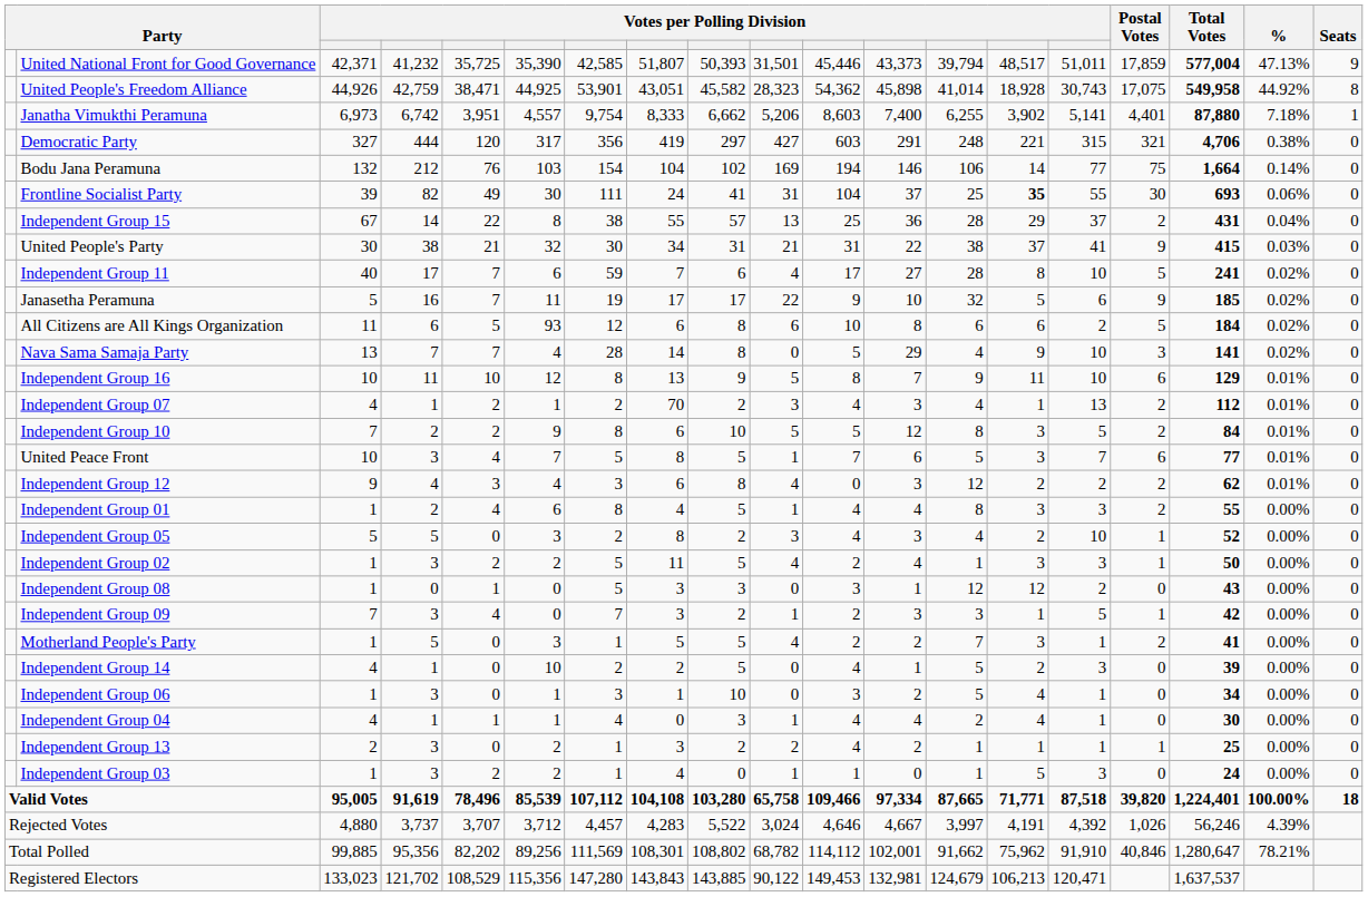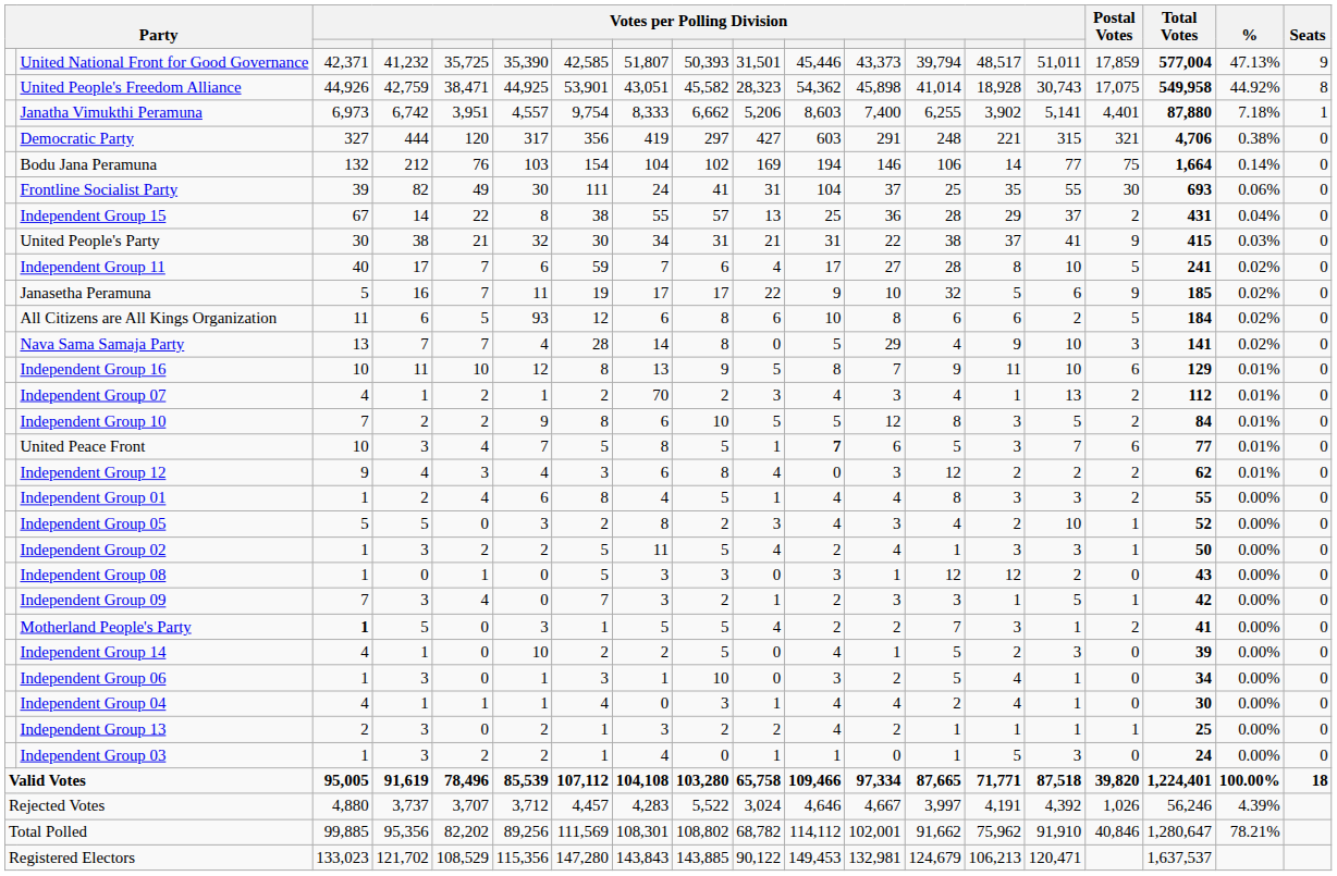 <table class="wikitable" border="1" style="text-align:right;">
 <tr>
 <th align=left valign=bottom rowspan=2 colspan=2>Party</th>
 <th colspan=13>Votes per Polling Division</th>
 <th align=center valign=bottom rowspan=2 width="50">Postal<br>Votes</th>
 <th align=center valign=bottom rowspan=2 width="50">Total Votes</th>
 <th align=center valign=bottom rowspan=2 width="50">%</th>
 <th align=center valign=bottom rowspan=2 width="40">Seats</th>
 </tr>
 <tr>
 <th></th>
 <th></th>
 <th></th>
 <th></th>
 <th></th>
 <th></th>
 <th></th>
 <th></th>
 <th></th>
 <th></th>
 <th></th>
 <th></th>
 <th></th>
 </tr>
 <tr>
 <td bgcolor=> </td>
 <td align=left><a href='#'>United National Front for Good Governance</a></td>
 <td>42,371</td>
 <td>41,232</td>
 <td>35,725</td>
 <td>35,390</td>
 <td>42,585</td>
 <td>51,807</td>
 <td>50,393</td>
 <td>31,501</td>
 <td>45,446</td>
 <td>43,373</td>
 <td>39,794</td>
 <td>48,517</td>
 <td>51,011</td>
 <td>17,859</td>
 <td><strong>577,004</strong></td>
 <td>47.13%</td>
 <td>9</td>
 </tr>
 <tr>
 <td bgcolor=> </td>
 <td align=left><a href='#'>United People's Freedom Alliance</a></td>
 <td>44,926</td>
 <td>42,759</td>
 <td>38,471</td>
 <td>44,925</td>
 <td>53,901</td>
 <td>43,051</td>
 <td>45,582</td>
 <td>28,323</td>
 <td>54,362</td>
 <td>45,898</td>
 <td>41,014</td>
 <td>18,928</td>
 <td>30,743</td>
 <td>17,075</td>
 <td><strong>549,958</strong></td>
 <td>44.92%</td>
 <td>8</td>
 </tr>
 <tr>
 <td bgcolor=> </td>
 <td align=left><a href='#'>Janatha Vimukthi Peramuna</a></td>
 <td>6,973</td>
 <td>6,742</td>
 <td>3,951</td>
 <td>4,557</td>
 <td>9,754</td>
 <td>8,333</td>
 <td>6,662</td>
 <td>5,206</td>
 <td>8,603</td>
 <td>7,400</td>
 <td>6,255</td>
 <td>3,902</td>
 <td>5,141</td>
 <td>4,401</td>
 <td><strong>87,880</strong></td>
 <td>7.18%</td>
 <td>1</td>
 </tr>
 <tr>
 <td bgcolor=> </td>
 <td align=left><a href='#'>Democratic Party</a></td>
 <td>327</td>
 <td>444</td>
 <td>120</td>
 <td>317</td>
 <td>356</td>
 <td>419</td>
 <td>297</td>
 <td>427</td>
 <td>603</td>
 <td>291</td>
 <td>248</td>
 <td>221</td>
 <td>315</td>
 <td>321</td>
 <td><strong>4,706</strong></td>
 <td>0.38%</td>
 <td>0</td>
 </tr>
 <tr>
 <td bgcolor=> </td>
 <td align=left>Bodu Jana Peramuna</td>
 <td>132</td>
 <td>212</td>
 <td>76</td>
 <td>103</td>
 <td>154</td>
 <td>104</td>
 <td>102</td>
 <td>169</td>
 <td>194</td>
 <td>146</td>
 <td>106</td>
 <td>14</td>
 <td>77</td>
 <td>75</td>
 <td><strong>1,664</strong></td>
 <td>0.14%</td>
 <td>0</td>
 </tr>
 <tr>
 <td bgcolor=> </td>
 <td align=left><a href='#'>Frontline Socialist Party</a></td>
 <td>39</td>
 <td>82</td>
 <td>49</td>
 <td>30</td>
 <td>111</td>
 <td>24</td>
 <td>41</td>
 <td>31</td>
 <td>104</td>
 <td>37</td>
 <td>25</td>
-<td><strong>35</strong></td>
+<td>35</td>
 <td>55</td>
 <td>30</td>
 <td><strong>693</strong></td>
 <td>0.06%</td>
 <td>0</td>
 </tr>
 <tr>
 <td bgcolor=> </td>
 <td align=left><a href='#'>Independent Group 15</a></td>
 <td>67</td>
 <td>14</td>
 <td>22</td>
 <td>8</td>
 <td>38</td>
 <td>55</td>
 <td>57</td>
 <td>13</td>
 <td>25</td>
 <td>36</td>
 <td>28</td>
 <td>29</td>
 <td>37</td>
 <td>2</td>
 <td><strong>431</strong></td>
 <td>0.04%</td>
 <td>0</td>
 </tr>
 <tr>
 <td bgcolor=> </td>
 <td align=left>United People's Party</td>
 <td>30</td>
 <td>38</td>
 <td>21</td>
 <td>32</td>
 <td>30</td>
 <td>34</td>
 <td>31</td>
 <td>21</td>
 <td>31</td>
 <td>22</td>
 <td>38</td>
 <td>37</td>
 <td>41</td>
 <td>9</td>
 <td><strong>415</strong></td>
 <td>0.03%</td>
 <td>0</td>
 </tr>
 <tr>
 <td bgcolor=> </td>
 <td align=left><a href='#'>Independent Group 11</a></td>
 <td>40</td>
 <td>17</td>
 <td>7</td>
 <td>6</td>
 <td>59</td>
 <td>7</td>
 <td>6</td>
 <td>4</td>
 <td>17</td>
 <td>27</td>
 <td>28</td>
 <td>8</td>
 <td>10</td>
 <td>5</td>
 <td><strong>241</strong></td>
 <td>0.02%</td>
 <td>0</td>
 </tr>
 <tr>
 <td bgcolor=> </td>
 <td align=left>Janasetha Peramuna</td>
 <td>5</td>
 <td>16</td>
 <td>7</td>
 <td>11</td>
 <td>19</td>
 <td>17</td>
 <td>17</td>
 <td>22</td>
 <td>9</td>
 <td>10</td>
 <td>32</td>
 <td>5</td>
 <td>6</td>
 <td>9</td>
 <td><strong>185</strong></td>
 <td>0.02%</td>
 <td>0</td>
 </tr>
 <tr>
 <td bgcolor=> </td>
 <td align=left>All Citizens are All Kings Organization</td>
 <td>11</td>
 <td>6</td>
 <td>5</td>
 <td>93</td>
 <td>12</td>
 <td>6</td>
 <td>8</td>
 <td>6</td>
 <td>10</td>
 <td>8</td>
 <td>6</td>
 <td>6</td>
 <td>2</td>
 <td>5</td>
 <td><strong>184</strong></td>
 <td>0.02%</td>
 <td>0</td>
 </tr>
 <tr>
 <td bgcolor=> </td>
 <td align=left><a href='#'>Nava Sama Samaja Party</a></td>
 <td>13</td>
 <td>7</td>
 <td>7</td>
 <td>4</td>
 <td>28</td>
 <td>14</td>
 <td>8</td>
 <td>0</td>
 <td>5</td>
 <td>29</td>
 <td>4</td>
 <td>9</td>
 <td>10</td>
 <td>3</td>
 <td><strong>141</strong></td>
 <td>0.02%</td>
 <td>0</td>
 </tr>
 <tr>
 <td bgcolor=> </td>
 <td align=left><a href='#'>Independent Group 16</a></td>
 <td>10</td>
 <td>11</td>
 <td>10</td>
 <td>12</td>
 <td>8</td>
 <td>13</td>
 <td>9</td>
 <td>5</td>
 <td>8</td>
 <td>7</td>
 <td>9</td>
 <td>11</td>
 <td>10</td>
 <td>6</td>
 <td><strong>129</strong></td>
 <td>0.01%</td>
 <td>0</td>
 </tr>
 <tr>
 <td bgcolor=> </td>
 <td align=left><a href='#'>Independent Group 07</a></td>
 <td>4</td>
 <td>1</td>
 <td>2</td>
 <td>1</td>
 <td>2</td>
 <td>70</td>
 <td>2</td>
 <td>3</td>
 <td>4</td>
 <td>3</td>
 <td>4</td>
 <td>1</td>
 <td>13</td>
 <td>2</td>
 <td><strong>112</strong></td>
 <td>0.01%</td>
 <td>0</td>
 </tr>
 <tr>
 <td bgcolor=> </td>
 <td align=left><a href='#'>Independent Group 10</a></td>
 <td>7</td>
 <td>2</td>
 <td>2</td>
 <td>9</td>
 <td>8</td>
 <td>6</td>
 <td>10</td>
 <td>5</td>
 <td>5</td>
 <td>12</td>
 <td>8</td>
 <td>3</td>
 <td>5</td>
 <td>2</td>
 <td><strong>84</strong></td>
 <td>0.01%</td>
 <td>0</td>
 </tr>
 <tr>
 <td bgcolor=> </td>
 <td align=left>United Peace Front</td>
 <td>10</td>
 <td>3</td>
 <td>4</td>
 <td>7</td>
 <td>5</td>
 <td>8</td>
 <td>5</td>
 <td>1</td>
-<td>7</td>
+<td><strong>7</strong></td>
 <td>6</td>
 <td>5</td>
 <td>3</td>
 <td>7</td>
 <td>6</td>
 <td><strong>77</strong></td>
 <td>0.01%</td>
 <td>0</td>
 </tr>
 <tr>
 <td bgcolor=> </td>
 <td align=left><a href='#'>Independent Group 12</a></td>
 <td>9</td>
 <td>4</td>
 <td>3</td>
 <td>4</td>
 <td>3</td>
 <td>6</td>
 <td>8</td>
 <td>4</td>
 <td>0</td>
 <td>3</td>
 <td>12</td>
 <td>2</td>
 <td>2</td>
 <td>2</td>
 <td><strong>62</strong></td>
 <td>0.01%</td>
 <td>0</td>
 </tr>
 <tr>
 <td bgcolor=> </td>
 <td align=left><a href='#'>Independent Group 01</a></td>
 <td>1</td>
 <td>2</td>
 <td>4</td>
 <td>6</td>
 <td>8</td>
 <td>4</td>
 <td>5</td>
 <td>1</td>
 <td>4</td>
 <td>4</td>
 <td>8</td>
 <td>3</td>
 <td>3</td>
 <td>2</td>
 <td><strong>55</strong></td>
 <td>0.00%</td>
 <td>0</td>
 </tr>
 <tr>
 <td bgcolor=> </td>
 <td align=left><a href='#'>Independent Group 05</a></td>
 <td>5</td>
 <td>5</td>
 <td>0</td>
 <td>3</td>
 <td>2</td>
 <td>8</td>
 <td>2</td>
 <td>3</td>
 <td>4</td>
 <td>3</td>
 <td>4</td>
 <td>2</td>
 <td>10</td>
 <td>1</td>
 <td><strong>52</strong></td>
 <td>0.00%</td>
 <td>0</td>
 </tr>
 <tr>
 <td bgcolor=> </td>
 <td align=left><a href='#'>Independent Group 02</a></td>
 <td>1</td>
 <td>3</td>
 <td>2</td>
 <td>2</td>
 <td>5</td>
 <td>11</td>
 <td>5</td>
 <td>4</td>
 <td>2</td>
 <td>4</td>
 <td>1</td>
 <td>3</td>
 <td>3</td>
 <td>1</td>
 <td><strong>50</strong></td>
 <td>0.00%</td>
 <td>0</td>
 </tr>
 <tr>
 <td bgcolor=> </td>
 <td align=left><a href='#'>Independent Group 08</a></td>
 <td>1</td>
 <td>0</td>
 <td>1</td>
 <td>0</td>
 <td>5</td>
 <td>3</td>
 <td>3</td>
 <td>0</td>
 <td>3</td>
 <td>1</td>
 <td>12</td>
 <td>12</td>
 <td>2</td>
 <td>0</td>
 <td><strong>43</strong></td>
 <td>0.00%</td>
 <td>0</td>
 </tr>
 <tr>
 <td bgcolor=> </td>
 <td align=left><a href='#'>Independent Group 09</a></td>
 <td>7</td>
 <td>3</td>
 <td>4</td>
 <td>0</td>
 <td>7</td>
 <td>3</td>
 <td>2</td>
 <td>1</td>
 <td>2</td>
 <td>3</td>
 <td>3</td>
 <td>1</td>
 <td>5</td>
 <td>1</td>
 <td><strong>42</strong></td>
 <td>0.00%</td>
 <td>0</td>
 </tr>
 <tr>
 <td bgcolor=> </td>
 <td align=left><a href='#'>Motherland People's Party</a></td>
-<td>1</td>
+<td><strong>1</strong></td>
 <td>5</td>
 <td>0</td>
 <td>3</td>
 <td>1</td>
 <td>5</td>
 <td>5</td>
 <td>4</td>
 <td>2</td>
 <td>2</td>
 <td>7</td>
 <td>3</td>
 <td>1</td>
 <td>2</td>
 <td><strong>41</strong></td>
 <td>0.00%</td>
 <td>0</td>
 </tr>
 <tr>
 <td bgcolor=> </td>
 <td align=left><a href='#'>Independent Group 14</a></td>
 <td>4</td>
 <td>1</td>
 <td>0</td>
 <td>10</td>
 <td>2</td>
 <td>2</td>
 <td>5</td>
 <td>0</td>
 <td>4</td>
 <td>1</td>
 <td>5</td>
 <td>2</td>
 <td>3</td>
 <td>0</td>
 <td><strong>39</strong></td>
 <td>0.00%</td>
 <td>0</td>
 </tr>
 <tr>
 <td bgcolor=> </td>
 <td align=left><a href='#'>Independent Group 06</a></td>
 <td>1</td>
 <td>3</td>
 <td>0</td>
 <td>1</td>
 <td>3</td>
 <td>1</td>
 <td>10</td>
 <td>0</td>
 <td>3</td>
 <td>2</td>
 <td>5</td>
 <td>4</td>
 <td>1</td>
 <td>0</td>
 <td><strong>34</strong></td>
 <td>0.00%</td>
 <td>0</td>
 </tr>
 <tr>
 <td bgcolor=> </td>
 <td align=left><a href='#'>Independent Group 04</a></td>
 <td>4</td>
 <td>1</td>
 <td>1</td>
 <td>1</td>
 <td>4</td>
 <td>0</td>
 <td>3</td>
 <td>1</td>
 <td>4</td>
 <td>4</td>
 <td>2</td>
 <td>4</td>
 <td>1</td>
 <td>0</td>
 <td><strong>30</strong></td>
 <td>0.00%</td>
 <td>0</td>
 </tr>
 <tr>
 <td bgcolor=> </td>
 <td align=left><a href='#'>Independent Group 13</a></td>
 <td>2</td>
 <td>3</td>
 <td>0</td>
 <td>2</td>
 <td>1</td>
 <td>3</td>
 <td>2</td>
 <td>2</td>
 <td>4</td>
 <td>2</td>
 <td>1</td>
 <td>1</td>
 <td>1</td>
 <td>1</td>
 <td><strong>25</strong></td>
 <td>0.00%</td>
 <td>0</td>
 </tr>
 <tr>
 <td bgcolor=> </td>
 <td align=left><a href='#'>Independent Group 03</a></td>
 <td>1</td>
 <td>3</td>
 <td>2</td>
 <td>2</td>
 <td>1</td>
 <td>4</td>
 <td>0</td>
 <td>1</td>
 <td>1</td>
 <td>0</td>
 <td>1</td>
 <td>5</td>
 <td>3</td>
 <td>0</td>
 <td><strong>24</strong></td>
 <td>0.00%</td>
 <td>0</td>
 </tr>
 <tr>
 <td align=left colspan=2><strong>Valid Votes</strong></td>
 <td><strong>95,005</strong></td>
 <td><strong>91,619</strong></td>
 <td><strong>78,496</strong></td>
 <td><strong>85,539</strong></td>
 <td><strong>107,112</strong></td>
 <td><strong>104,108</strong></td>
 <td><strong>103,280</strong></td>
 <td><strong>65,758</strong></td>
 <td><strong>109,466</strong></td>
 <td><strong>97,334</strong></td>
 <td><strong>87,665</strong></td>
 <td><strong>71,771</strong></td>
 <td><strong>87,518</strong></td>
 <td><strong>39,820</strong></td>
 <td><strong>1,224,401</strong></td>
 <td><strong>100.00%</strong></td>
 <td><strong>18</strong></td>
 </tr>
 <tr>
 <td align=left colspan=2>Rejected Votes</td>
 <td>4,880</td>
 <td>3,737</td>
 <td>3,707</td>
 <td>3,712</td>
 <td>4,457</td>
 <td>4,283</td>
 <td>5,522</td>
 <td>3,024</td>
 <td>4,646</td>
 <td>4,667</td>
 <td>3,997</td>
 <td>4,191</td>
 <td>4,392</td>
 <td>1,026</td>
 <td>56,246</td>
 <td>4.39%</td>
 <td></td>
 </tr>
 <tr>
 <td align=left colspan=2>Total Polled</td>
 <td>99,885</td>
 <td>95,356</td>
 <td>82,202</td>
 <td>89,256</td>
 <td>111,569</td>
 <td>108,301</td>
 <td>108,802</td>
 <td>68,782</td>
 <td>114,112</td>
 <td>102,001</td>
 <td>91,662</td>
 <td>75,962</td>
 <td>91,910</td>
 <td>40,846</td>
 <td>1,280,647</td>
 <td>78.21%</td>
 <td></td>
 </tr>
 <tr>
 <td align=left colspan=2>Registered Electors</td>
 <td>133,023</td>
 <td>121,702</td>
 <td>108,529</td>
 <td>115,356</td>
 <td>147,280</td>
 <td>143,843</td>
 <td>143,885</td>
 <td>90,122</td>
 <td>149,453</td>
 <td>132,981</td>
 <td>124,679</td>
 <td>106,213</td>
 <td>120,471</td>
 <td></td>
 <td>1,637,537</td>
 <td></td>
 <td></td>
 </tr>
 </table>
